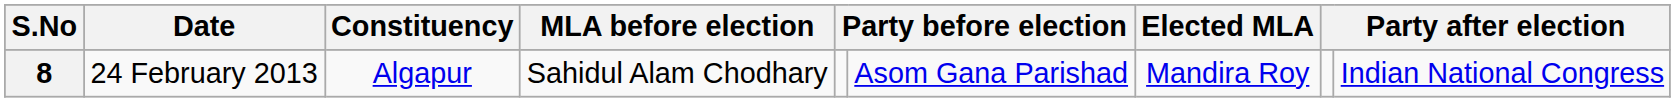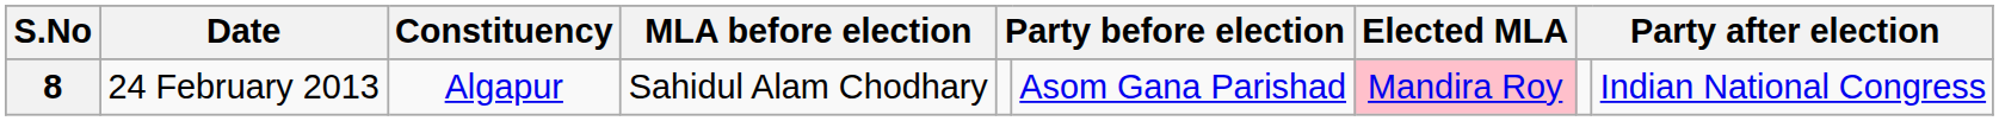 <table class="wikitable sortable" style="text-align:center;">
 <tr>
 <th>S.No</th>
 <th>Date</th>
 <th>Constituency</th>
 <th>MLA before election</th>
 <th colspan="2">Party before election</th>
 <th>Elected MLA</th>
 <th colspan="2">Party after election</th>
 </tr>
 <tr>
 <th>8</th>
 <td>24 February 2013</td>
 <td><a href='#'>Algapur</a></td>
 <td>Sahidul Alam Chodhary</td>
 <td></td>
 <td><a href='#'>Asom Gana Parishad</a></td>
-<td><a href='#'>Mandira Roy</a></td>
+<td style="background: pink;"><a href='#'>Mandira Roy</a></td>
 <td></td>
 <td><a href='#'>Indian National Congress</a></td>
 </tr>
 </table>
